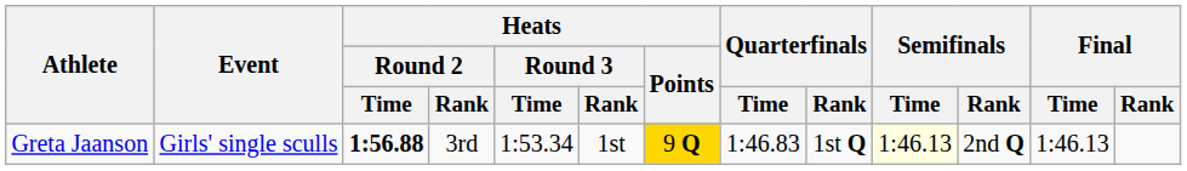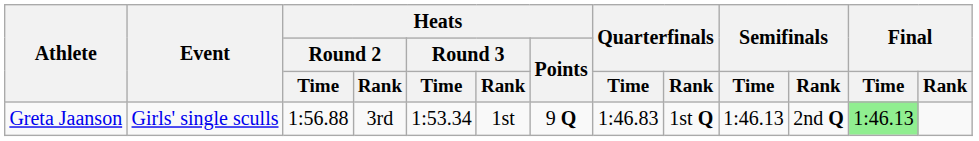 <table class="wikitable" style="font-size:90%">
 <tr>
 <th rowspan="3">Athlete</th>
 <th rowspan="3">Event</th>
 <th colspan="5">Heats</th>
 <th colspan="2" rowspan="2">Quarterfinals</th>
 <th colspan="2" rowspan="2">Semifinals</th>
 <th colspan="2" rowspan="2">Final</th>
 </tr>
 <tr>
 <th colspan="2">Round 2</th>
 <th colspan="2">Round 3</th>
 <th rowspan="2">Points</th>
 </tr>
 <tr style="font-size:95%">
 <th>Time</th>
 <th>Rank</th>
 <th>Time</th>
 <th>Rank</th>
 <th>Time</th>
 <th>Rank</th>
 <th>Time</th>
 <th>Rank</th>
 <th>Time</th>
 <th>Rank</th>
 </tr>
 <tr align=center>
 <td align=left><a href='#'>Greta Jaanson</a></td>
 <td align=left><a href='#'>Girls' single sculls</a></td>
-<td><strong>1:56.88</strong></td>
+<td>1:56.88</td>
 <td>3rd</td>
 <td>1:53.34</td>
 <td>1st</td>
-<td style="background: gold;">9 <strong>Q</strong></td>
+<td>9 <strong>Q</strong></td>
 <td>1:46.83</td>
 <td>1st <strong>Q</strong></td>
-<td style="background: lightyellow;">1:46.13</td>
+<td>1:46.13</td>
 <td>2nd <strong>Q</strong></td>
-<td>1:46.13</td>
+<td style="background: lightgreen;">1:46.13</td>
 <td></td>
 </tr>
 </table>
